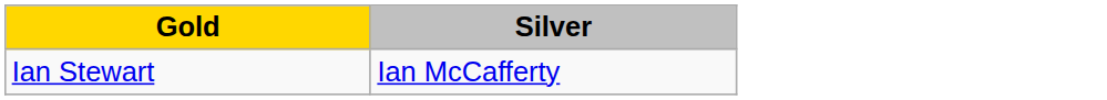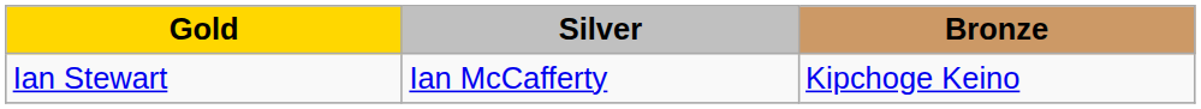 <table class="wikitable">
 <tr>
 <th scope=col style="background-color:gold; width:200px;">Gold</th>
 <th scope=col style="background-color:silver; width:200px;">Silver</th>
+<th scope=col style="background-color:#cc9966; width:200px;">Bronze</th>
 </tr>
 <tr>
 <td><a href='#'>Ian Stewart</a><br><em></em></td>
 <td><a href='#'>Ian McCafferty</a><br><em></em></td>
+<td><a href='#'>Kipchoge Keino</a><br><em></em></td>
 </tr>
 </table>
